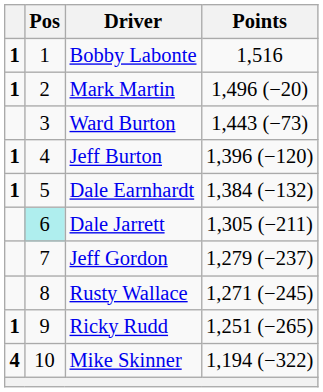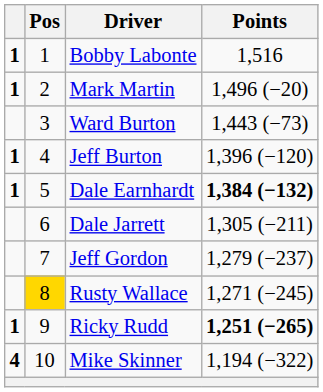 <table class="wikitable" style="font-size: 95%;">
 <tr>
 <th></th>
 <th>Pos</th>
 <th>Driver</th>
 <th>Points</th>
 </tr>
 <tr>
 <td align="left">  <strong>1</strong></td>
 <td style="text-align:center;">1</td>
 <td><a href='#'>Bobby Labonte</a></td>
 <td style="text-align:center;">1,516</td>
 </tr>
 <tr>
 <td align="left">  <strong>1</strong></td>
 <td style="text-align:center;">2</td>
 <td><a href='#'>Mark Martin</a></td>
 <td style="text-align:center;">1,496 (−20)</td>
 </tr>
 <tr>
 <td align="left"></td>
 <td style="text-align:center;">3</td>
 <td><a href='#'>Ward Burton</a></td>
 <td style="text-align:center;">1,443 (−73)</td>
 </tr>
 <tr>
 <td align="left">  <strong>1</strong></td>
 <td style="text-align:center;">4</td>
 <td><a href='#'>Jeff Burton</a></td>
 <td style="text-align:center;">1,396 (−120)</td>
 </tr>
 <tr>
 <td align="left">  <strong>1</strong></td>
 <td style="text-align:center;">5</td>
 <td><a href='#'>Dale Earnhardt</a></td>
-<td style="text-align:center;">1,384 (−132)</td>
+<td style="text-align:center;"><strong>1,384 (−132)</strong></td>
 </tr>
 <tr>
 <td align="left"></td>
-<td style="background: paleturquoise; text-align:center;">6</td>
+<td style="text-align:center;">6</td>
 <td><a href='#'>Dale Jarrett</a></td>
 <td style="text-align:center;">1,305 (−211)</td>
 </tr>
 <tr>
 <td align="left"></td>
 <td style="text-align:center;">7</td>
 <td><a href='#'>Jeff Gordon</a></td>
 <td style="text-align:center;">1,279 (−237)</td>
 </tr>
 <tr>
 <td align="left"></td>
-<td style="text-align:center;">8</td>
+<td style="background: gold; text-align:center;">8</td>
 <td><a href='#'>Rusty Wallace</a></td>
 <td style="text-align:center;">1,271 (−245)</td>
 </tr>
 <tr>
 <td align="left">  <strong>1</strong></td>
 <td style="text-align:center;">9</td>
 <td><a href='#'>Ricky Rudd</a></td>
-<td style="text-align:center;">1,251 (−265)</td>
+<td style="text-align:center;"><strong>1,251 (−265)</strong></td>
 </tr>
 <tr>
 <td align="left">  <strong>4</strong></td>
 <td style="text-align:center;">10</td>
 <td><a href='#'>Mike Skinner</a></td>
 <td style="text-align:center;">1,194 (−322)</td>
 </tr>
 <tr class="sortbottom">
 <th colspan="9"></th>
 </tr>
 </table>
